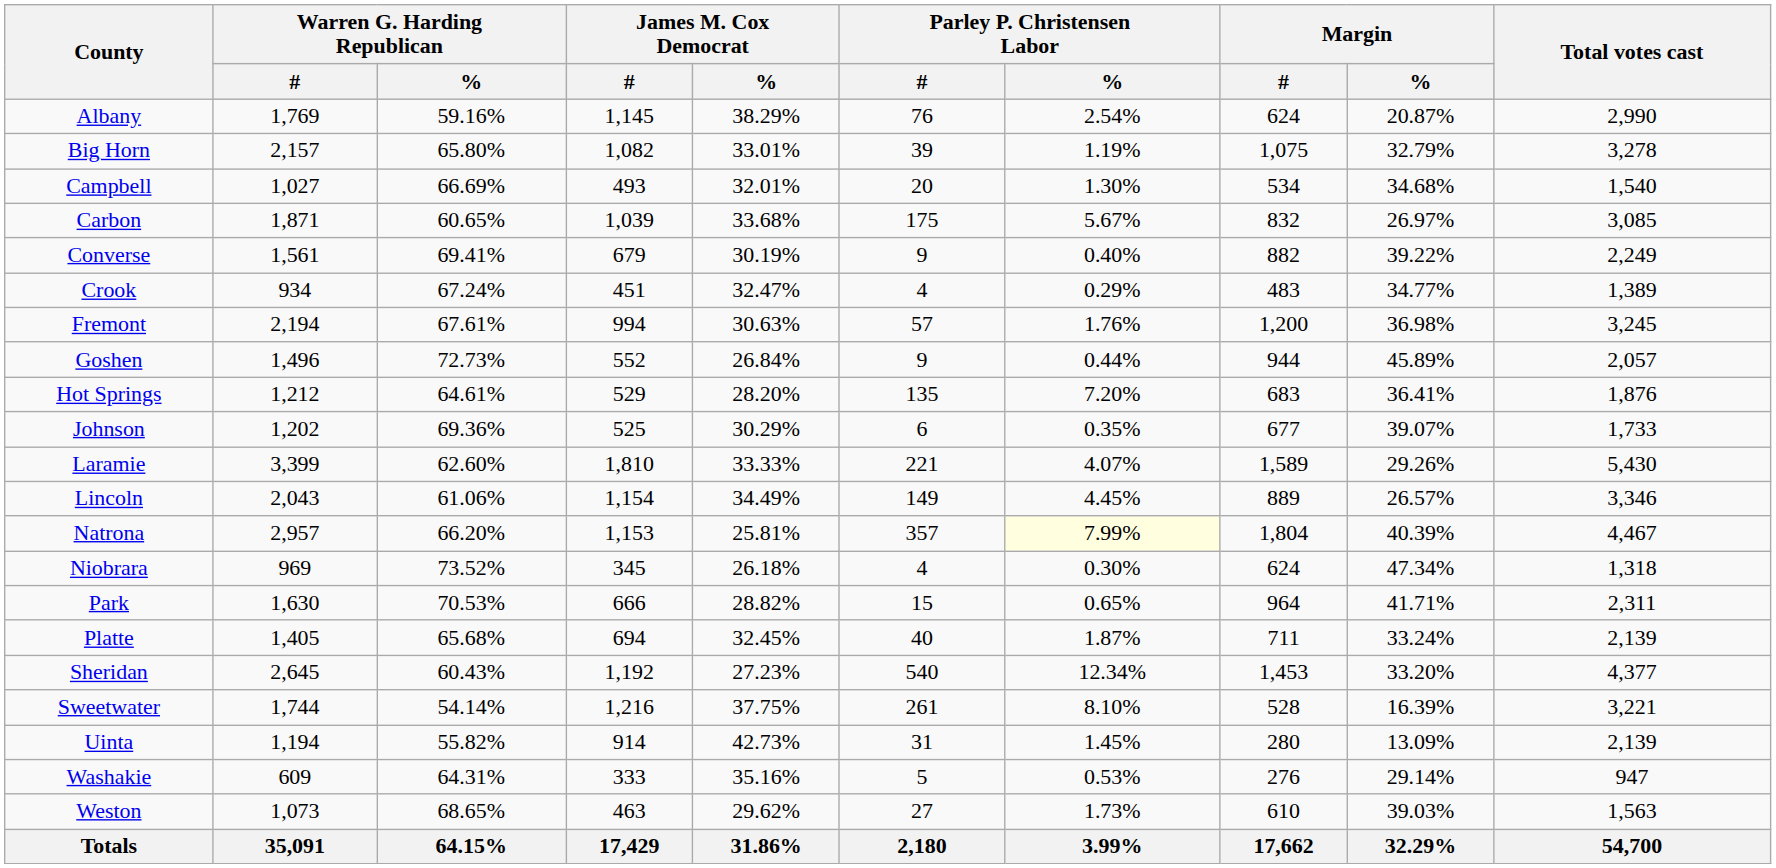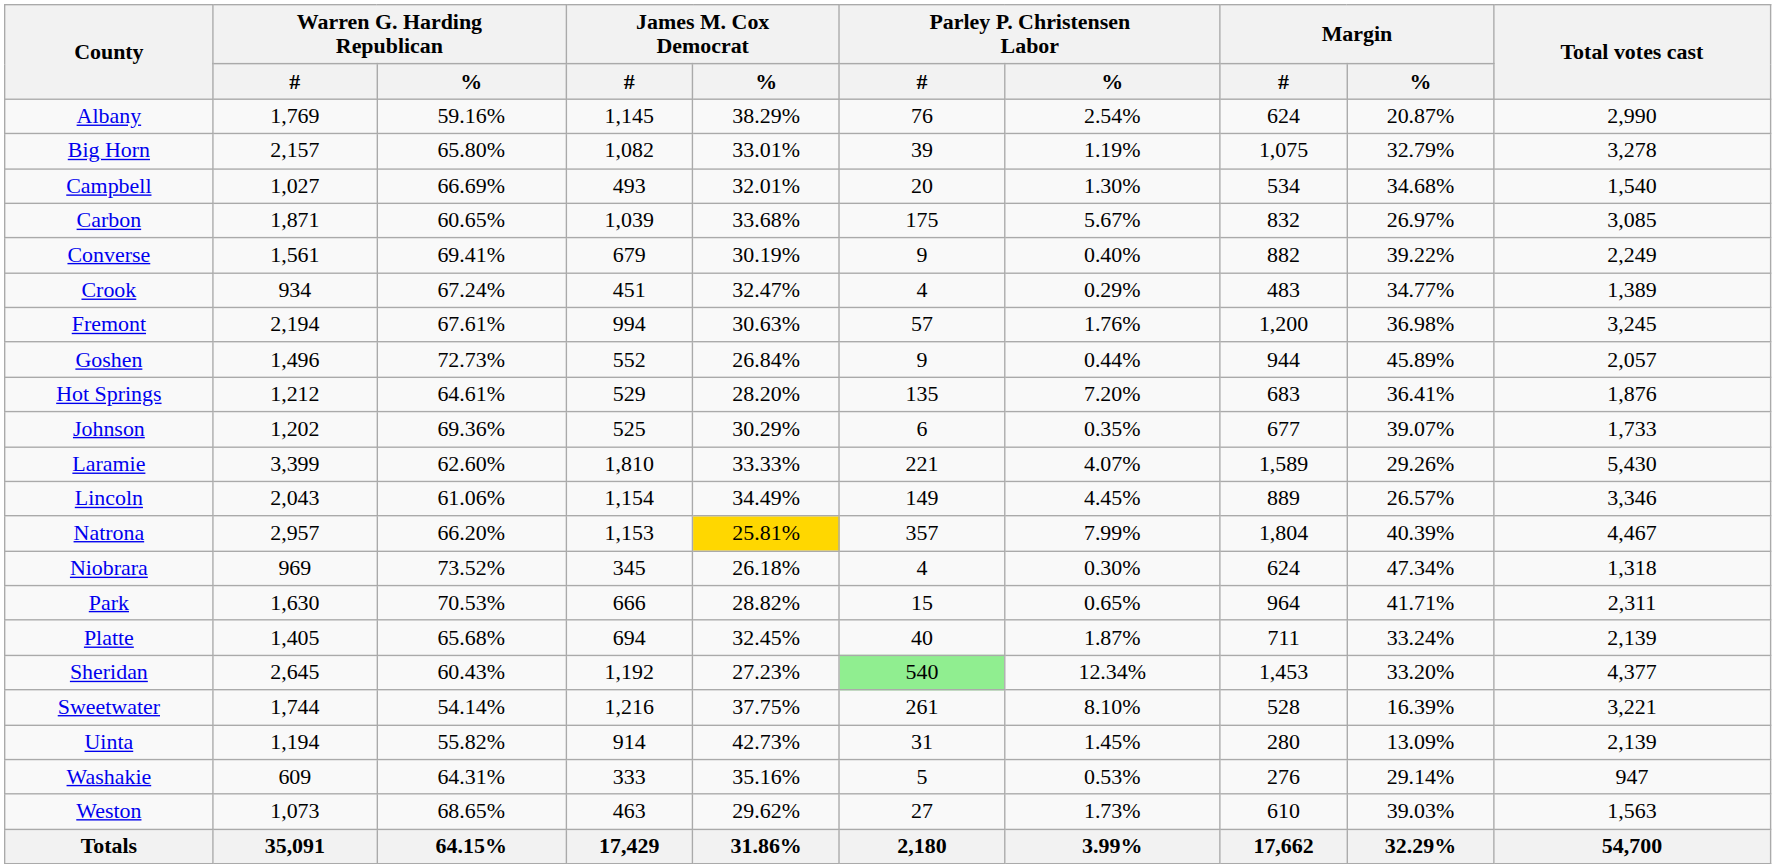 <table width="65%" class="wikitable sortable">
 <tr>
 <th style="text-align:center;" rowspan="2">County</th>
 <th style="text-align:center;" colspan="2">Warren G. Harding<br>Republican</th>
 <th style="text-align:center;" colspan="2">James M. Cox<br>Democrat</th>
 <th style="text-align:center;" colspan="2">Parley P. Christensen<br>Labor</th>
 <th style="text-align:center;" colspan="2">Margin</th>
 <th style="text-align:center;" rowspan="2">Total votes cast</th>
 </tr>
 <tr bgcolor="lightgrey">
 <th style="text-align:center;" data-sort-type="number">#</th>
 <th style="text-align:center;" data-sort-type="number">%</th>
 <th style="text-align:center;" data-sort-type="number">#</th>
 <th style="text-align:center;" data-sort-type="number">%</th>
 <th style="text-align:center;" data-sort-type="number">#</th>
 <th style="text-align:center;" data-sort-type="number">%</th>
 <th style="text-align:center;" data-sort-type="number">#</th>
 <th style="text-align:center;" data-sort-type="number">%</th>
 </tr>
 <tr style="text-align:center;">
 <td><a href='#'>Albany</a></td>
 <td>1,769</td>
 <td>59.16%</td>
 <td>1,145</td>
 <td>38.29%</td>
 <td>76</td>
 <td>2.54%</td>
 <td>624</td>
 <td>20.87%</td>
 <td>2,990</td>
 </tr>
 <tr style="text-align:center;">
 <td><a href='#'>Big Horn</a></td>
 <td>2,157</td>
 <td>65.80%</td>
 <td>1,082</td>
 <td>33.01%</td>
 <td>39</td>
 <td>1.19%</td>
 <td>1,075</td>
 <td>32.79%</td>
 <td>3,278</td>
 </tr>
 <tr style="text-align:center;">
 <td><a href='#'>Campbell</a></td>
 <td>1,027</td>
 <td>66.69%</td>
 <td>493</td>
 <td>32.01%</td>
 <td>20</td>
 <td>1.30%</td>
 <td>534</td>
 <td>34.68%</td>
 <td>1,540</td>
 </tr>
 <tr style="text-align:center;">
 <td><a href='#'>Carbon</a></td>
 <td>1,871</td>
 <td>60.65%</td>
 <td>1,039</td>
 <td>33.68%</td>
 <td>175</td>
 <td>5.67%</td>
 <td>832</td>
 <td>26.97%</td>
 <td>3,085</td>
 </tr>
 <tr style="text-align:center;">
 <td><a href='#'>Converse</a></td>
 <td>1,561</td>
 <td>69.41%</td>
 <td>679</td>
 <td>30.19%</td>
 <td>9</td>
 <td>0.40%</td>
 <td>882</td>
 <td>39.22%</td>
 <td>2,249</td>
 </tr>
 <tr style="text-align:center;">
 <td><a href='#'>Crook</a></td>
 <td>934</td>
 <td>67.24%</td>
 <td>451</td>
 <td>32.47%</td>
 <td>4</td>
 <td>0.29%</td>
 <td>483</td>
 <td>34.77%</td>
 <td>1,389</td>
 </tr>
 <tr style="text-align:center;">
 <td><a href='#'>Fremont</a></td>
 <td>2,194</td>
 <td>67.61%</td>
 <td>994</td>
 <td>30.63%</td>
 <td>57</td>
 <td>1.76%</td>
 <td>1,200</td>
 <td>36.98%</td>
 <td>3,245</td>
 </tr>
 <tr style="text-align:center;">
 <td><a href='#'>Goshen</a></td>
 <td>1,496</td>
 <td>72.73%</td>
 <td>552</td>
 <td>26.84%</td>
 <td>9</td>
 <td>0.44%</td>
 <td>944</td>
 <td>45.89%</td>
 <td>2,057</td>
 </tr>
 <tr style="text-align:center;">
 <td><a href='#'>Hot Springs</a></td>
 <td>1,212</td>
 <td>64.61%</td>
 <td>529</td>
 <td>28.20%</td>
 <td>135</td>
 <td>7.20%</td>
 <td>683</td>
 <td>36.41%</td>
 <td>1,876</td>
 </tr>
 <tr style="text-align:center;">
 <td><a href='#'>Johnson</a></td>
 <td>1,202</td>
 <td>69.36%</td>
 <td>525</td>
 <td>30.29%</td>
 <td>6</td>
 <td>0.35%</td>
 <td>677</td>
 <td>39.07%</td>
 <td>1,733</td>
 </tr>
 <tr style="text-align:center;">
 <td><a href='#'>Laramie</a></td>
 <td>3,399</td>
 <td>62.60%</td>
 <td>1,810</td>
 <td>33.33%</td>
 <td>221</td>
 <td>4.07%</td>
 <td>1,589</td>
 <td>29.26%</td>
 <td>5,430</td>
 </tr>
 <tr style="text-align:center;">
 <td><a href='#'>Lincoln</a></td>
 <td>2,043</td>
 <td>61.06%</td>
 <td>1,154</td>
 <td>34.49%</td>
 <td>149</td>
 <td>4.45%</td>
 <td>889</td>
 <td>26.57%</td>
 <td>3,346</td>
 </tr>
 <tr style="text-align:center;">
 <td><a href='#'>Natrona</a></td>
 <td>2,957</td>
 <td>66.20%</td>
 <td>1,153</td>
-<td>25.81%</td>
+<td style="background: gold;">25.81%</td>
 <td>357</td>
-<td style="background: lightyellow;">7.99%</td>
+<td>7.99%</td>
 <td>1,804</td>
 <td>40.39%</td>
 <td>4,467</td>
 </tr>
 <tr style="text-align:center;">
 <td><a href='#'>Niobrara</a></td>
 <td>969</td>
 <td>73.52%</td>
 <td>345</td>
 <td>26.18%</td>
 <td>4</td>
 <td>0.30%</td>
 <td>624</td>
 <td>47.34%</td>
 <td>1,318</td>
 </tr>
 <tr style="text-align:center;">
 <td><a href='#'>Park</a></td>
 <td>1,630</td>
 <td>70.53%</td>
 <td>666</td>
 <td>28.82%</td>
 <td>15</td>
 <td>0.65%</td>
 <td>964</td>
 <td>41.71%</td>
 <td>2,311</td>
 </tr>
 <tr style="text-align:center;">
 <td><a href='#'>Platte</a></td>
 <td>1,405</td>
 <td>65.68%</td>
 <td>694</td>
 <td>32.45%</td>
 <td>40</td>
 <td>1.87%</td>
 <td>711</td>
 <td>33.24%</td>
 <td>2,139</td>
 </tr>
 <tr style="text-align:center;">
 <td><a href='#'>Sheridan</a></td>
 <td>2,645</td>
 <td>60.43%</td>
 <td>1,192</td>
 <td>27.23%</td>
-<td>540</td>
+<td style="background: lightgreen;">540</td>
 <td>12.34%</td>
 <td>1,453</td>
 <td>33.20%</td>
 <td>4,377</td>
 </tr>
 <tr style="text-align:center;">
 <td><a href='#'>Sweetwater</a></td>
 <td>1,744</td>
 <td>54.14%</td>
 <td>1,216</td>
 <td>37.75%</td>
 <td>261</td>
 <td>8.10%</td>
 <td>528</td>
 <td>16.39%</td>
 <td>3,221</td>
 </tr>
 <tr style="text-align:center;">
 <td><a href='#'>Uinta</a></td>
 <td>1,194</td>
 <td>55.82%</td>
 <td>914</td>
 <td>42.73%</td>
 <td>31</td>
 <td>1.45%</td>
 <td>280</td>
 <td>13.09%</td>
 <td>2,139</td>
 </tr>
 <tr style="text-align:center;">
 <td><a href='#'>Washakie</a></td>
 <td>609</td>
 <td>64.31%</td>
 <td>333</td>
 <td>35.16%</td>
 <td>5</td>
 <td>0.53%</td>
 <td>276</td>
 <td>29.14%</td>
 <td>947</td>
 </tr>
 <tr style="text-align:center;">
 <td><a href='#'>Weston</a></td>
 <td>1,073</td>
 <td>68.65%</td>
 <td>463</td>
 <td>29.62%</td>
 <td>27</td>
 <td>1.73%</td>
 <td>610</td>
 <td>39.03%</td>
 <td>1,563</td>
 </tr>
 <tr style="text-align:center;">
 <th>Totals</th>
 <th>35,091</th>
 <th>64.15%</th>
 <th>17,429</th>
 <th>31.86%</th>
 <th>2,180</th>
 <th>3.99%</th>
 <th>17,662</th>
 <th>32.29%</th>
 <th>54,700</th>
 </tr>
 </table>
